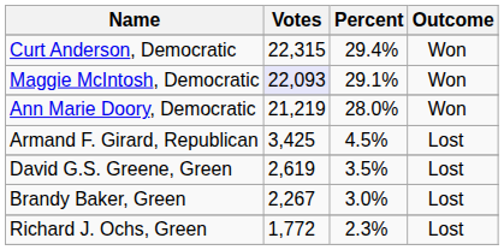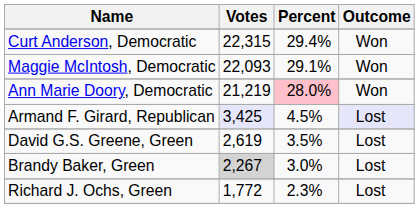 <table class="wikitable">
 <tr>
 <th>Name</th>
 <th>Votes</th>
 <th>Percent</th>
 <th>Outcome</th>
 </tr>
 <tr>
 </tr>
 <tr>
 <td><a href='#'>Curt Anderson</a>, Democratic</td>
 <td>22,315</td>
 <td>  29.4%</td>
 <td>   Won</td>
 </tr>
 <tr>
 </tr>
 <tr>
 <td><a href='#'>Maggie McIntosh</a>, Democratic</td>
-<td style="background: lavender;">22,093</td>
+<td>22,093</td>
 <td>  29.1%</td>
 <td>   Won</td>
 </tr>
 <tr>
 </tr>
 <tr>
 <td><a href='#'>Ann Marie Doory</a>, Democratic</td>
 <td>21,219</td>
-<td>  28.0%</td>
+<td style="background: pink;">  28.0%</td>
 <td>   Won</td>
 </tr>
 <tr>
 </tr>
 <tr>
 <td>Armand F. Girard, Republican</td>
-<td>3,425</td>
+<td style="background: lavender;">3,425</td>
 <td>  4.5%</td>
-<td>   Lost</td>
+<td style="background: lavender;">   Lost</td>
 </tr>
 <tr>
 </tr>
 <tr>
 <td>David G.S. Greene, Green</td>
 <td>2,619</td>
 <td>  3.5%</td>
 <td>   Lost</td>
 </tr>
 <tr>
 </tr>
 <tr>
 <td>Brandy Baker, Green</td>
-<td>2,267</td>
+<td style="background: lightgrey;">2,267</td>
 <td>  3.0%</td>
 <td>   Lost</td>
 </tr>
 <tr>
 </tr>
 <tr>
 <td>Richard J. Ochs, Green</td>
 <td>1,772</td>
 <td>  2.3%</td>
 <td>   Lost</td>
 </tr>
 <tr>
 </tr>
 </table>
